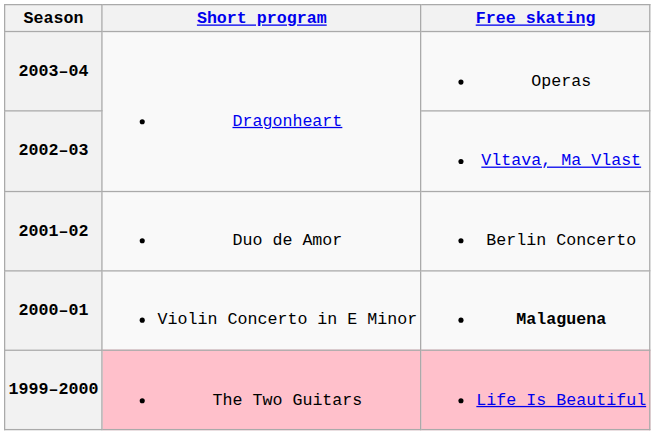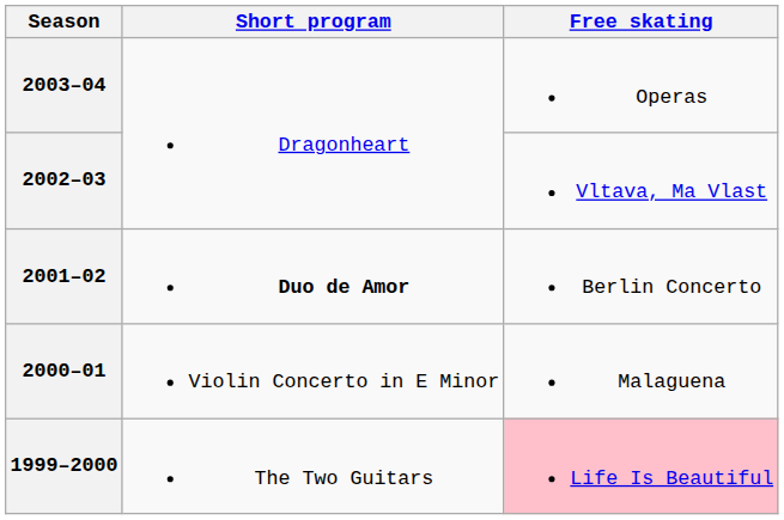 <table class="wikitable" style="text-align:center">
 <tr>
 <th>Season</th>
 <th><a href='#'>Short program</a></th>
 <th><a href='#'>Free skating</a></th>
 </tr>
 <tr>
 <th>2003–04 <br> </th>
 <td rowspan=2><br><ul><li><a href='#'>Dragonheart</a> <br></li></ul></td>
 <td><br><ul><li>Operas <br></li></ul></td>
 </tr>
 <tr>
 <th>2002–03 <br> </th>
 <td><br><ul><li><a href='#'>Vltava, Ma Vlast</a> <br></li></ul></td>
 </tr>
 <tr>
 <th>2001–02 <br> </th>
-<td><br><ul><li>Duo de Amor <br></li></ul></td>
+<td><strong><br><ul><li>Duo de Amor <br></li></ul></strong></td>
 <td><br><ul><li>Berlin Concerto <br></li></ul></td>
 </tr>
 <tr>
 <th>2000–01 <br> </th>
 <td><br><ul><li>Violin Concerto in E Minor <br></li></ul></td>
-<td><strong><br><ul><li>Malaguena <br></li></ul></strong></td>
+<td><br><ul><li>Malaguena <br></li></ul></td>
 </tr>
 <tr>
 <th>1999–2000 <br> </th>
-<td style="background: pink;"><br><ul><li>The Two Guitars</li></ul></td>
+<td><br><ul><li>The Two Guitars</li></ul></td>
 <td style="background: pink;"><br><ul><li><a href='#'>Life Is Beautiful</a> <br></li></ul></td>
 </tr>
 </table>
